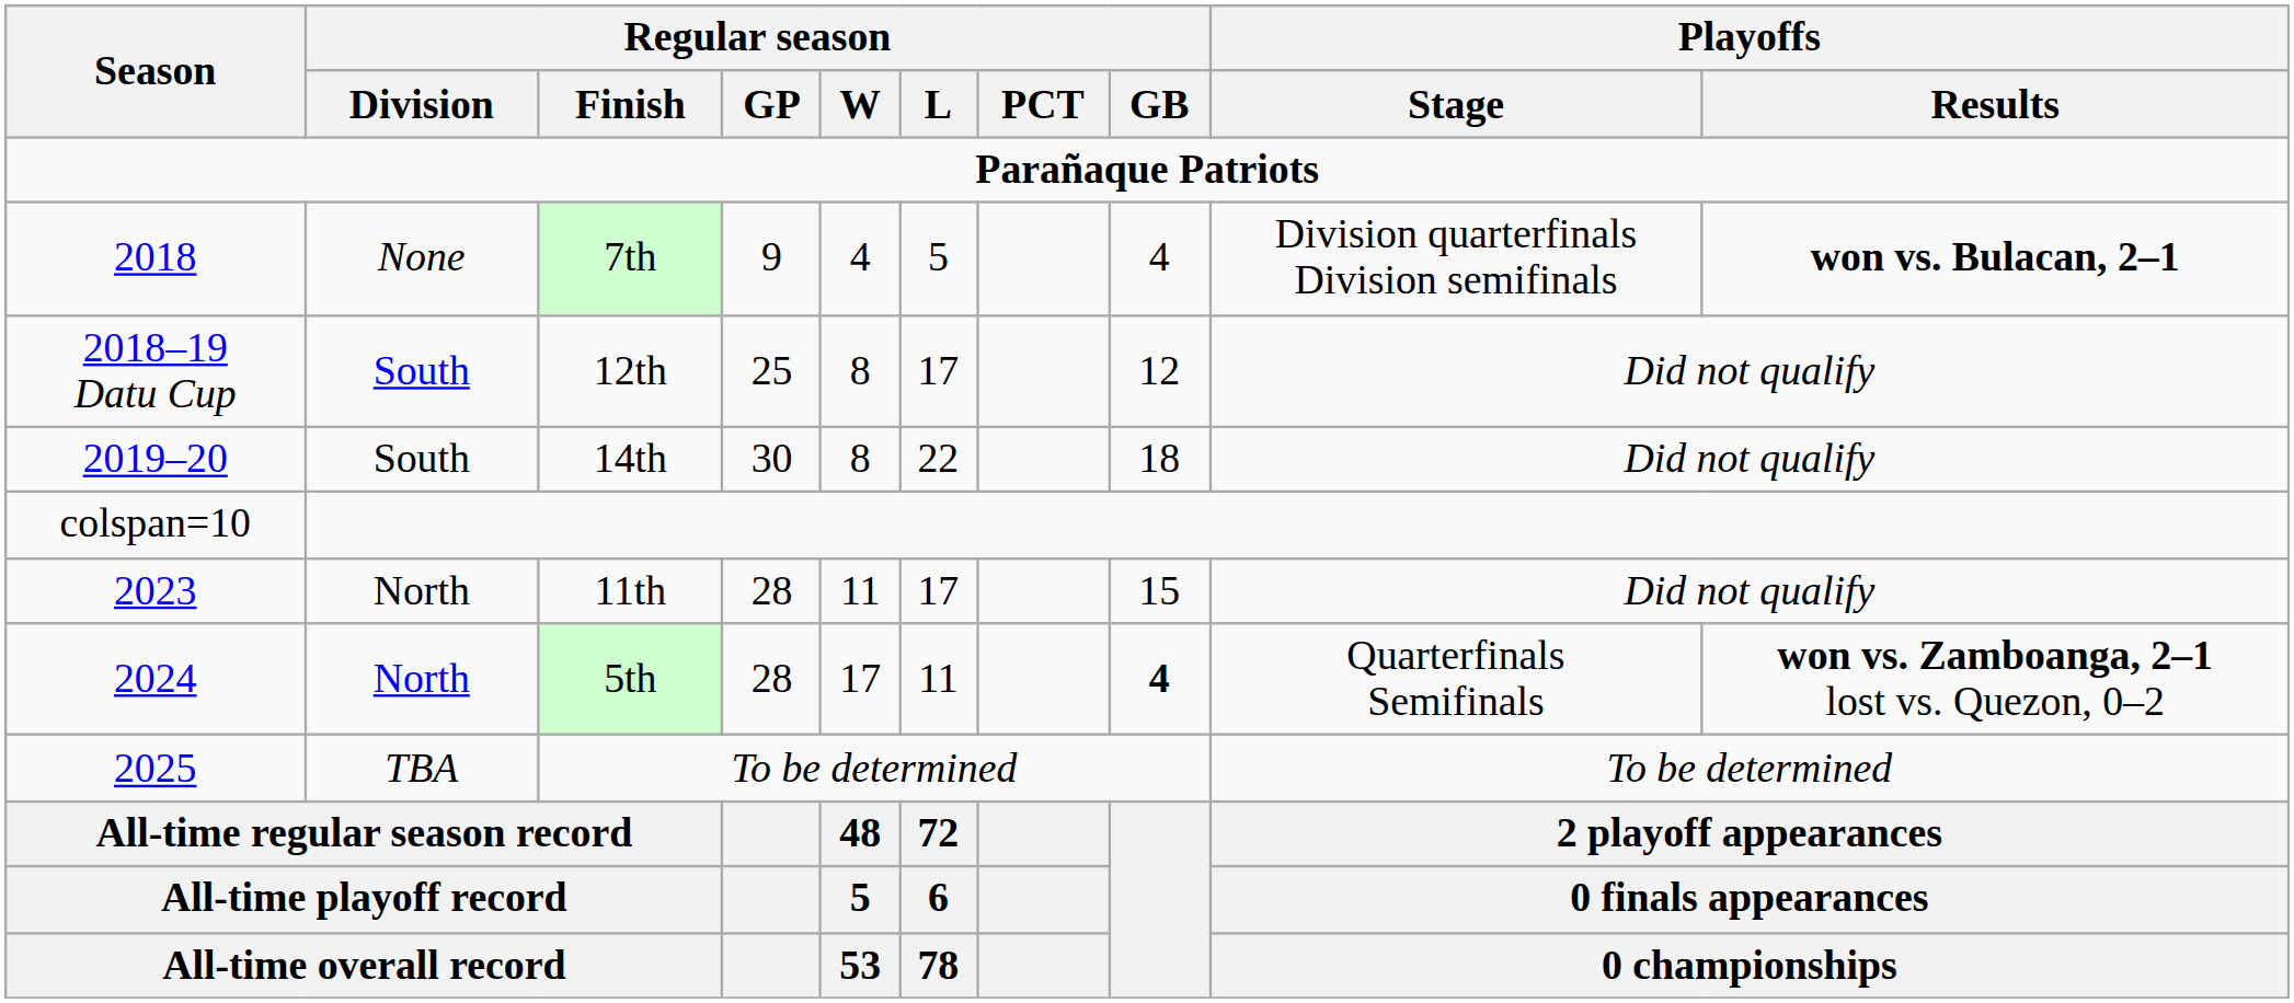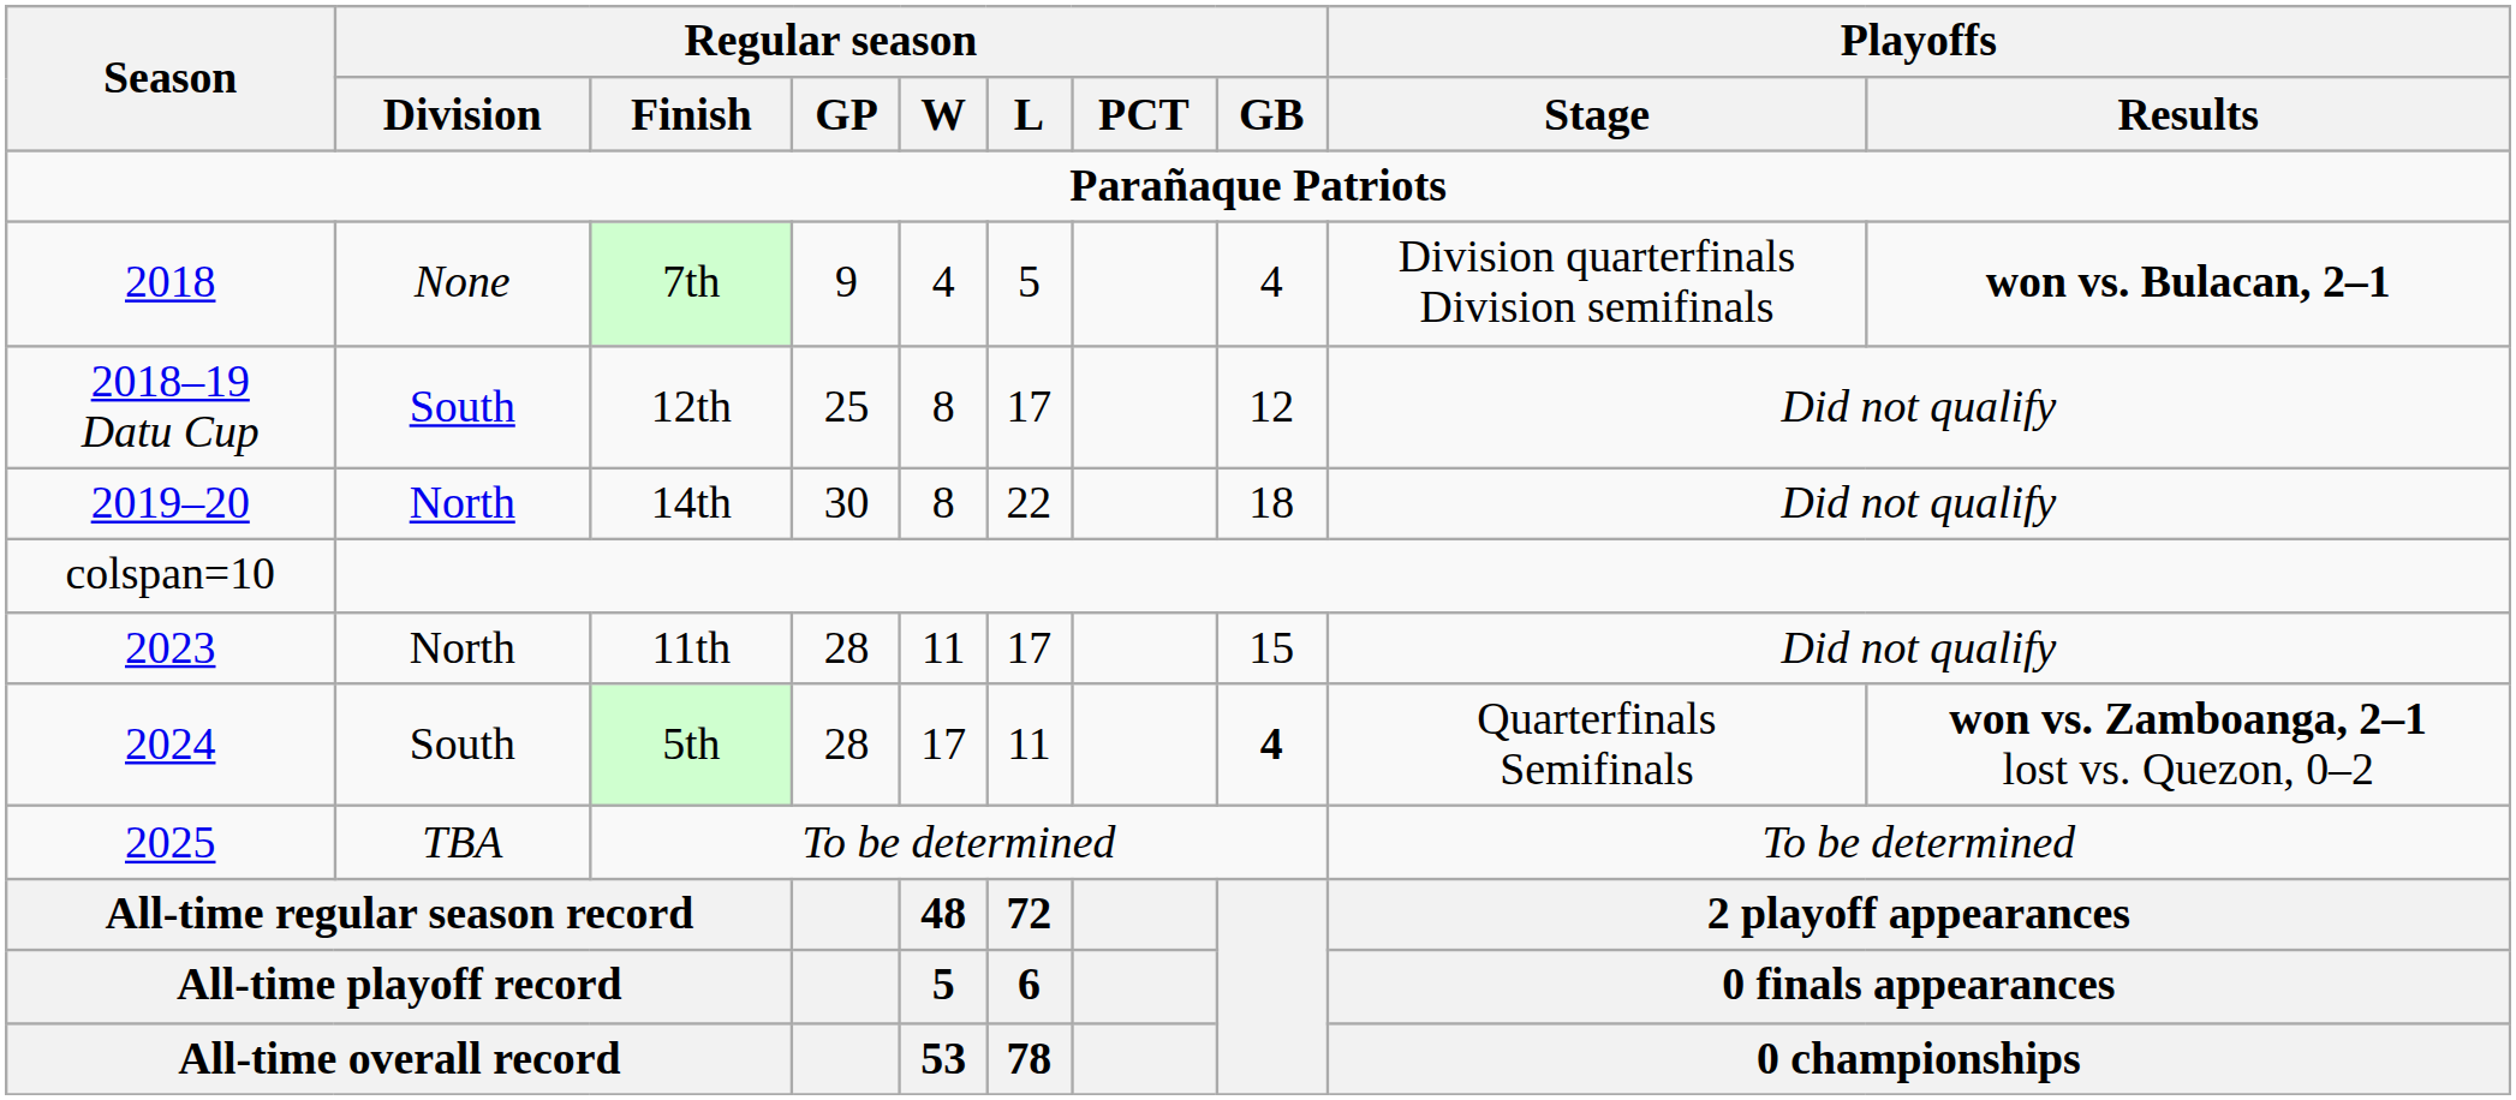 <table class=wikitable style="width:100%; text-align:center">
 <tr>
 <th rowspan="2">Season</th>
 <th colspan="7">Regular season</th>
 <th colspan="2">Playoffs</th>
 </tr>
 <tr>
 <th>Division</th>
 <th>Finish</th>
 <th>GP</th>
 <th>W</th>
 <th>L</th>
 <th>PCT</th>
 <th>GB</th>
 <th>Stage</th>
 <th>Results</th>
 </tr>
 <tr>
 <td colspan=10><span><strong>Parañaque Patriots</strong></span></td>
 </tr>
 <tr>
 <td><a href='#'>2018</a> <br> <em></em></td>
 <td><em>None</em></td>
 <td bgcolor="CFFFCF">7th</td>
 <td>9</td>
 <td>4</td>
 <td>5</td>
 <td></td>
 <td>4</td>
 <td>Division quarterfinals<br>Division semifinals</td>
 <td><strong>won vs. Bulacan, 2–1</strong> <br> </td>
 </tr>
 <tr>
 <td><a href='#'>2018–19</a> <br> <em>Datu Cup</em></td>
 <td><a href='#'>South</a></td>
 <td>12th</td>
 <td>25</td>
 <td>8</td>
 <td>17</td>
 <td></td>
 <td>12</td>
 <td colspan="2"><em>Did not qualify</em></td>
 </tr>
 <tr>
 <td><a href='#'>2019–20</a> <br> </td>
-<td>South</td>
+<td><a href='#'>North</a></td>
 <td>14th</td>
 <td>30</td>
 <td>8</td>
 <td>22</td>
 <td></td>
 <td>18</td>
 <td colspan="2"><em>Did not qualify</em></td>
 </tr>
 <tr>
 <td>colspan=10 </td>
 </tr>
 <tr>
 <td><a href='#'>2023</a></td>
 <td>North</td>
 <td>11th</td>
 <td>28</td>
 <td>11</td>
 <td>17</td>
 <td></td>
 <td>15</td>
 <td colspan="2"><em>Did not qualify</em></td>
 </tr>
 <tr>
 <td><a href='#'>2024</a></td>
-<td><a href='#'>North</a></td>
+<td>South</td>
 <td bgcolor="CFFFCF">5th</td>
 <td>28</td>
 <td>17</td>
 <td>11</td>
 <td></td>
 <td><strong>4</strong></td>
 <td>Quarterfinals <br> Semifinals</td>
 <td><strong>won vs. Zamboanga, 2–1</strong><br>lost vs. Quezon, 0–2</td>
 </tr>
 <tr>
 <td><a href='#'>2025</a></td>
 <td><em>TBA</em></td>
 <td colspan=6><em>To be determined</em></td>
 <td colspan=2><em>To be determined</em></td>
 </tr>
 <tr>
 <th colspan=3>All-time regular season record</th>
 <th></th>
 <th>48</th>
 <th>72</th>
 <th></th>
 <th rowspan=3></th>
 <th colspan=2>2 playoff appearances</th>
 </tr>
 <tr>
 <th colspan=3>All-time playoff record</th>
 <th></th>
 <th>5</th>
 <th>6</th>
 <th></th>
 <th colspan=2>0 finals appearances</th>
 </tr>
 <tr>
 <th colspan=3>All-time overall record</th>
 <th></th>
 <th>53</th>
 <th>78</th>
 <th></th>
 <th colspan=2>0 championships</th>
 </tr>
 </table>
